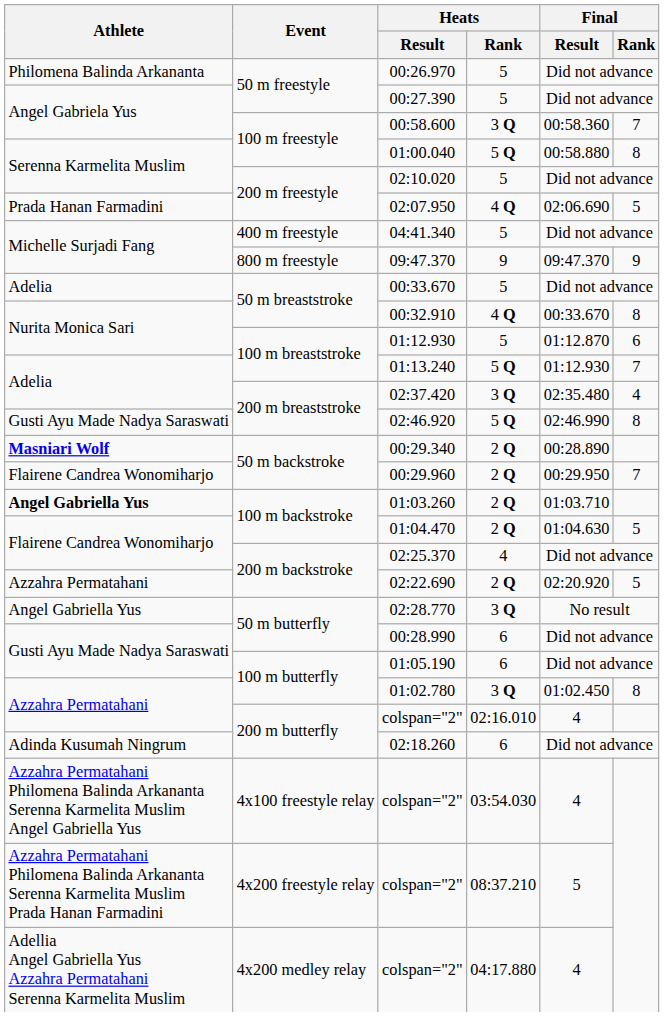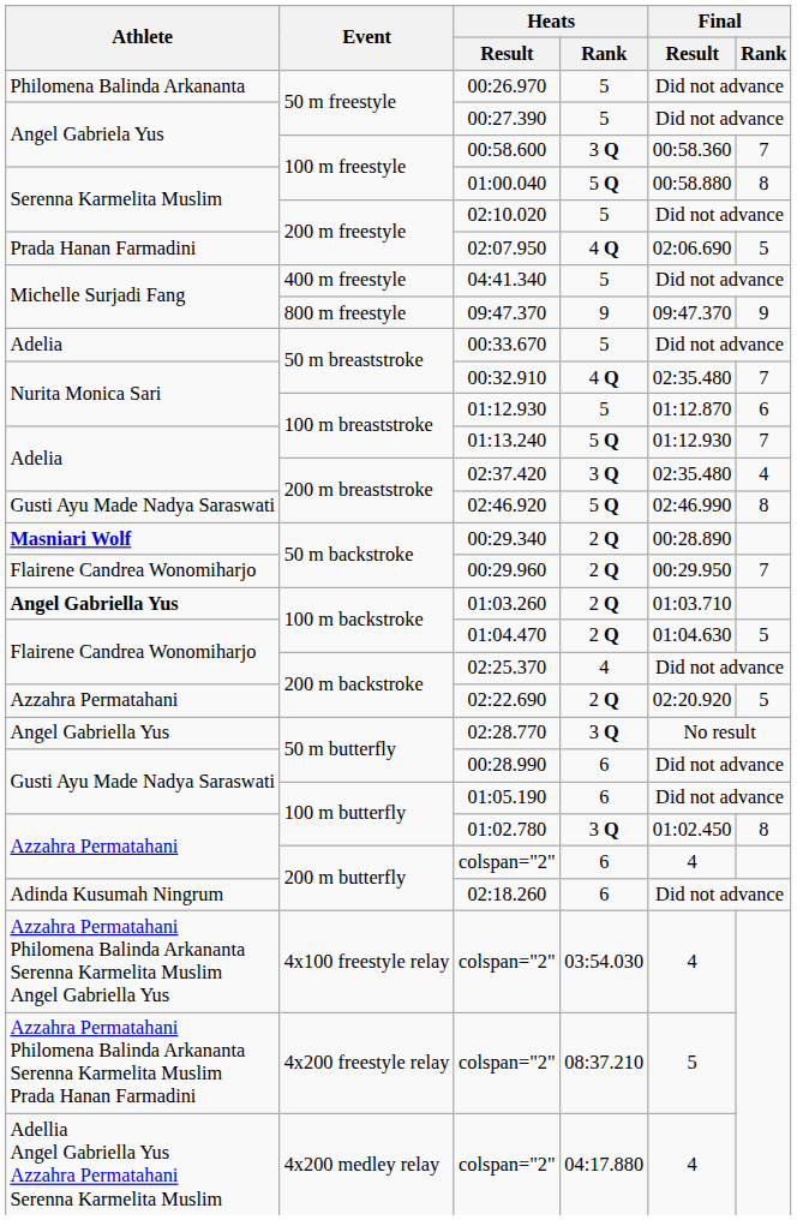 <table class="wikitable" style="font-size:85%">
 <tr>
 <th rowspan="2">Athlete</th>
 <th rowspan="2">Event</th>
 <th colspan="2">Heats</th>
 <th colspan="2">Final</th>
 </tr>
 <tr>
 <th>Result</th>
 <th>Rank</th>
 <th>Result</th>
 <th>Rank</th>
 </tr>
 <tr align="center">
 <td align="left">Philomena Balinda Arkananta</td>
 <td align="left" rowspan="2">50 m freestyle</td>
 <td>00:26.970</td>
 <td>5</td>
 <td colspan="2">Did not advance</td>
 </tr>
 <tr align="center">
 <td align="left" rowspan="2">Angel Gabriela Yus</td>
 <td>00:27.390</td>
 <td>5</td>
 <td colspan="2">Did not advance</td>
 </tr>
 <tr align="center">
 <td align="left" rowspan="2">100 m freestyle</td>
 <td>00:58.600</td>
 <td>3 <strong>Q</strong></td>
 <td>00:58.360</td>
 <td>7</td>
 </tr>
 <tr align="center">
 <td align="left" rowspan="2">Serenna Karmelita Muslim</td>
 <td>01:00.040</td>
 <td>5 <strong>Q</strong></td>
 <td>00:58.880</td>
 <td>8</td>
 </tr>
 <tr align="center">
 <td align="left" rowspan="2">200 m freestyle</td>
 <td>02:10.020</td>
 <td>5</td>
 <td colspan="2">Did not advance</td>
 </tr>
 <tr align="center">
 <td align="left">Prada Hanan Farmadini</td>
 <td>02:07.950</td>
 <td>4 <strong>Q</strong></td>
 <td>02:06.690</td>
 <td>5</td>
 </tr>
 <tr align="center">
 <td rowspan="2" align="left">Michelle Surjadi Fang</td>
 <td align="left">400 m freestyle</td>
 <td>04:41.340</td>
 <td>5</td>
 <td colspan="2">Did not advance</td>
 </tr>
 <tr align="center">
 <td align="left">800 m freestyle</td>
 <td>09:47.370</td>
 <td>9</td>
 <td>09:47.370</td>
 <td>9</td>
 </tr>
 <tr align="center">
 <td align="left">Adelia</td>
 <td align="left" rowspan="2">50 m breaststroke</td>
 <td>00:33.670</td>
 <td>5</td>
 <td colspan="2">Did not advance</td>
 </tr>
 <tr align="center">
 <td align="left"rowspan="2">Nurita Monica Sari</td>
 <td>00:32.910</td>
 <td>4 <strong>Q</strong></td>
-<td>00:33.670</td>
-<td>8</td>
+<td>02:35.480</td>
+<td>7</td>
 </tr>
 <tr align="center">
 <td align="left" rowspan="2">100 m breaststroke</td>
 <td>01:12.930</td>
 <td>5</td>
 <td>01:12.870</td>
 <td>6</td>
 </tr>
 <tr align="center">
 <td align="left" rowspan="2">Adelia</td>
 <td>01:13.240</td>
 <td>5 <strong>Q</strong></td>
 <td>01:12.930</td>
 <td>7</td>
 </tr>
 <tr align="center">
 <td align="left" rowspan="2">200 m breaststroke</td>
 <td>02:37.420</td>
 <td>3 <strong>Q</strong></td>
 <td>02:35.480</td>
 <td>4</td>
 </tr>
 <tr align="center">
 <td align="left">Gusti Ayu Made Nadya Saraswati</td>
 <td>02:46.920</td>
 <td>5 <strong>Q</strong></td>
 <td>02:46.990</td>
 <td>8</td>
 </tr>
 <tr align="center">
 <td align="left"><strong><a href='#'>Masniari Wolf</a></strong></td>
 <td align="left" rowspan="2">50 m backstroke</td>
 <td>00:29.340</td>
 <td>2 <strong>Q</strong></td>
 <td>00:28.890</td>
 <td></td>
 </tr>
 <tr align="center">
 <td align="left">Flairene Candrea Wonomiharjo</td>
 <td>00:29.960</td>
 <td>2 <strong>Q</strong></td>
 <td>00:29.950</td>
 <td>7</td>
 </tr>
 <tr align="center">
 <td align="left"><strong>Angel Gabriella Yus</strong></td>
 <td align="left" rowspan="2">100 m backstroke</td>
 <td>01:03.260</td>
 <td>2 <strong>Q</strong></td>
 <td>01:03.710</td>
 <td></td>
 </tr>
 <tr align="center">
 <td align="left" rowspan="2">Flairene Candrea Wonomiharjo</td>
 <td>01:04.470</td>
 <td>2 <strong>Q</strong></td>
 <td>01:04.630</td>
 <td>5</td>
 </tr>
 <tr align="center">
 <td align="left" rowspan="2">200 m backstroke</td>
 <td>02:25.370</td>
 <td>4</td>
 <td colspan="2">Did not advance</td>
 </tr>
 <tr align="center">
 <td align="left">Azzahra Permatahani</td>
 <td>02:22.690</td>
 <td>2 <strong>Q</strong></td>
 <td>02:20.920</td>
 <td>5</td>
 </tr>
 <tr align="center">
 <td align="left">Angel Gabriella Yus</td>
 <td align="left" rowspan="2">50 m butterfly</td>
 <td>02:28.770</td>
 <td>3 <strong>Q</strong></td>
 <td colspan="2">No result</td>
 </tr>
 <tr align="center">
 <td align="left" rowspan="2">Gusti Ayu Made Nadya Saraswati</td>
 <td>00:28.990</td>
 <td>6</td>
 <td colspan="2">Did not advance</td>
 </tr>
 <tr align="center">
 <td align="left" rowspan="2">100 m butterfly</td>
 <td>01:05.190</td>
 <td>6</td>
 <td colspan="2">Did not advance</td>
 </tr>
 <tr align="center">
 <td align="left" rowspan="2"><a href='#'>Azzahra Permatahani</a></td>
 <td>01:02.780</td>
 <td>3 <strong>Q</strong></td>
 <td>01:02.450</td>
 <td>8</td>
 </tr>
 <tr align="center">
 <td align="left" rowspan="2">200 m butterfly</td>
 <td>colspan="2" </td>
-<td>02:16.010</td>
+<td>6</td>
 <td>4</td>
 </tr>
 <tr align="center">
 <td align="left">Adinda Kusumah Ningrum</td>
 <td>02:18.260</td>
 <td>6</td>
 <td colspan="2">Did not advance</td>
 </tr>
 <tr align="center">
 <td align="left"><a href='#'>Azzahra Permatahani</a><br>Philomena Balinda Arkananta<br>Serenna Karmelita Muslim<br>Angel Gabriella Yus</td>
 <td align="left">4x100 freestyle relay</td>
 <td>colspan="2" </td>
 <td>03:54.030</td>
 <td>4</td>
 </tr>
 <tr align="center">
 <td align="left"><a href='#'>Azzahra Permatahani</a><br>Philomena Balinda Arkananta<br>Serenna Karmelita Muslim<br>Prada Hanan Farmadini</td>
 <td align="left">4x200 freestyle relay</td>
 <td>colspan="2" </td>
 <td>08:37.210</td>
 <td>5</td>
 </tr>
 <tr align="center">
 <td align="left">Adellia<br>Angel Gabriella Yus<br><a href='#'>Azzahra Permatahani</a><br>Serenna Karmelita Muslim</td>
 <td align="left">4x200 medley relay</td>
 <td>colspan="2" </td>
 <td>04:17.880</td>
 <td>4</td>
 </tr>
 </table>
